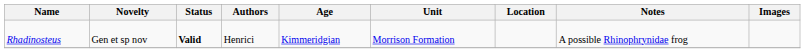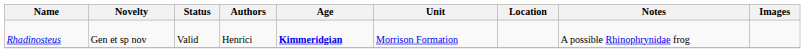 <table class="wikitable sortable" align="center" width="100%">
 <tr>
 <th>Name</th>
 <th>Novelty</th>
 <th>Status</th>
 <th>Authors</th>
 <th>Age</th>
 <th>Unit</th>
 <th>Location</th>
 <th>Notes</th>
 <th>Images</th>
 </tr>
 <tr>
 <td><br><em><a href='#'>Rhadinosteus</a></em></td>
 <td><br>Gen et sp nov</td>
-<td><strong><br>Valid</strong></td>
+<td><br>Valid</td>
 <td><br>Henrici</td>
-<td><br><a href='#'>Kimmeridgian</a></td>
+<td><strong><br><a href='#'>Kimmeridgian</a></strong></td>
 <td><br><a href='#'>Morrison Formation</a></td>
 <td><br></td>
 <td><br>A possible <a href='#'>Rhinophrynidae</a> frog</td>
 <td></td>
 </tr>
 <tr>
 </tr>
 </table>
